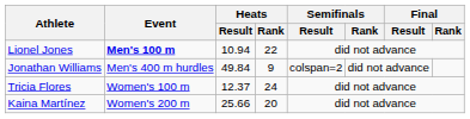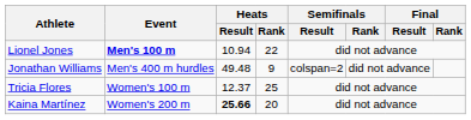 <table class=wikitable style="font-size:90%">
 <tr>
 <th rowspan="2">Athlete</th>
 <th rowspan="2">Event</th>
 <th colspan="2">Heats</th>
 <th colspan="2">Semifinals</th>
 <th colspan="2">Final</th>
 </tr>
 <tr style="font-size:95%">
 <th>Result</th>
 <th>Rank</th>
 <th>Result</th>
 <th>Rank</th>
 <th>Result</th>
 <th>Rank</th>
 </tr>
 <tr align=center>
 <td align=left><a href='#'>Lionel Jones</a></td>
 <td align=left><strong><a href='#'>Men's 100 m</a></strong></td>
 <td>10.94</td>
 <td>22</td>
 <td colspan=4>did not advance</td>
 </tr>
 <tr align=center>
 <td align=left><a href='#'>Jonathan Williams</a></td>
 <td align=left><a href='#'>Men's 400 m hurdles</a></td>
-<td>49.84</td>
+<td>49.48</td>
 <td>9</td>
 <td>colspan=2 </td>
 <td colspan=2>did not advance</td>
 </tr>
 <tr align=center>
 <td align=left><a href='#'>Tricia Flores</a></td>
 <td align=left><a href='#'>Women's 100 m</a></td>
 <td>12.37</td>
-<td>24</td>
+<td>25</td>
 <td colspan=4>did not advance</td>
 </tr>
 <tr align=center>
 <td align=left><a href='#'>Kaina Martínez</a></td>
 <td align=left><a href='#'>Women's 200 m</a></td>
-<td>25.66</td>
+<td><strong>25.66</strong></td>
 <td>20</td>
 <td colspan=4>did not advance</td>
 </tr>
 </table>
